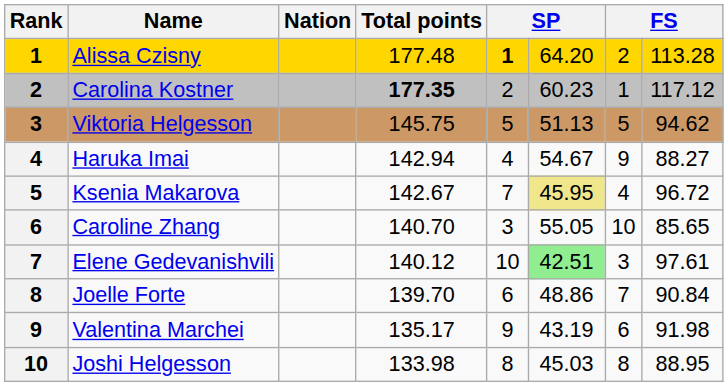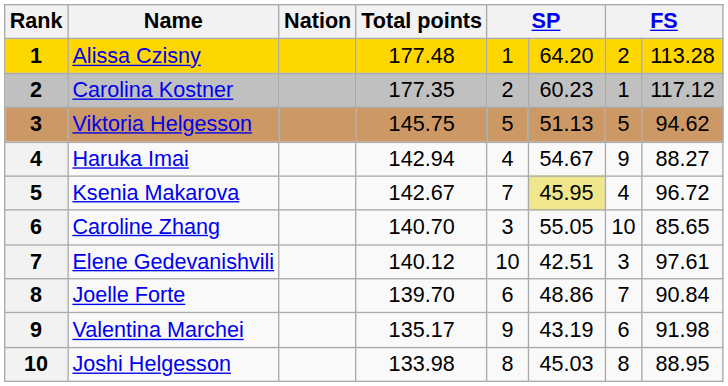 <table class="wikitable sortable">
 <tr>
 <th>Rank</th>
 <th>Name</th>
 <th>Nation</th>
 <th>Total points</th>
 <th colspan="2" width="80px"><a href='#'>SP</a></th>
 <th colspan="2" width="80px"><a href='#'>FS</a></th>
 </tr>
 <tr bgcolor="gold">
 <td align="center"><strong>1</strong></td>
 <td><a href='#'>Alissa Czisny</a></td>
 <td></td>
 <td align="center">177.48</td>
-<td align="center"><strong>1</strong></td>
+<td align="center">1</td>
 <td align="center">64.20</td>
 <td align="center">2</td>
 <td align="center">113.28</td>
 </tr>
 <tr bgcolor="silver">
 <td align="center"><strong>2</strong></td>
 <td><a href='#'>Carolina Kostner</a></td>
 <td></td>
-<td align="center"><strong>177.35</strong></td>
+<td align="center">177.35</td>
 <td align="center">2</td>
 <td align="center">60.23</td>
 <td align="center">1</td>
 <td align="center">117.12</td>
 </tr>
 <tr bgcolor="cc9966">
 <td align="center"><strong>3</strong></td>
 <td><a href='#'>Viktoria Helgesson</a></td>
 <td></td>
 <td align="center">145.75</td>
 <td align="center">5</td>
 <td align="center">51.13</td>
 <td align="center">5</td>
 <td align="center">94.62</td>
 </tr>
 <tr>
 <th>4</th>
 <td><a href='#'>Haruka Imai</a></td>
 <td></td>
 <td align="center">142.94</td>
 <td align="center">4</td>
 <td align="center">54.67</td>
 <td align="center">9</td>
 <td align="center">88.27</td>
 </tr>
 <tr>
 <th>5</th>
 <td><a href='#'>Ksenia Makarova</a></td>
 <td></td>
 <td align="center">142.67</td>
 <td align="center">7</td>
 <td align="center" style="background: khaki;">45.95</td>
 <td align="center">4</td>
 <td align="center">96.72</td>
 </tr>
 <tr>
 <th>6</th>
 <td><a href='#'>Caroline Zhang</a></td>
 <td></td>
 <td align="center">140.70</td>
 <td align="center">3</td>
 <td align="center">55.05</td>
 <td align="center">10</td>
 <td align="center">85.65</td>
 </tr>
 <tr>
 <th>7</th>
 <td><a href='#'>Elene Gedevanishvili</a></td>
 <td></td>
 <td align="center">140.12</td>
 <td align="center">10</td>
-<td align="center" style="background: lightgreen;">42.51</td>
+<td align="center">42.51</td>
 <td align="center">3</td>
 <td align="center">97.61</td>
 </tr>
 <tr>
 <th>8</th>
 <td><a href='#'>Joelle Forte</a></td>
 <td></td>
 <td align="center">139.70</td>
 <td align="center">6</td>
 <td align="center">48.86</td>
 <td align="center">7</td>
 <td align="center">90.84</td>
 </tr>
 <tr>
 <th>9</th>
 <td><a href='#'>Valentina Marchei</a></td>
 <td></td>
 <td align="center">135.17</td>
 <td align="center">9</td>
 <td align="center">43.19</td>
 <td align="center">6</td>
 <td align="center">91.98</td>
 </tr>
 <tr>
 <th>10</th>
 <td><a href='#'>Joshi Helgesson</a></td>
 <td></td>
 <td align="center">133.98</td>
 <td align="center">8</td>
 <td align="center">45.03</td>
 <td align="center">8</td>
 <td align="center">88.95</td>
 </tr>
 </table>
